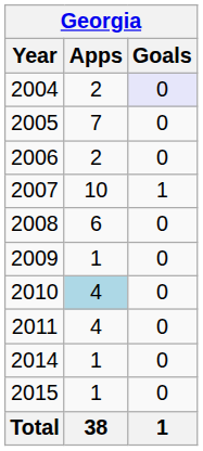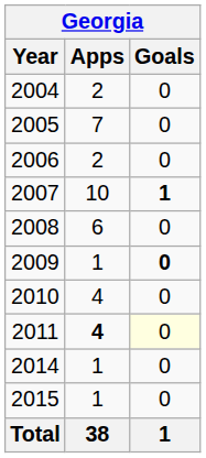 <table class="wikitable" style="text-align:center">
 <tr>
 <th colspan=3><a href='#'>Georgia</a></th>
 </tr>
 <tr>
 <th>Year</th>
 <th>Apps</th>
 <th>Goals</th>
 </tr>
 <tr>
 <td>2004</td>
 <td>2</td>
-<td style="background: lavender;">0</td>
+<td>0</td>
 </tr>
 <tr>
 <td>2005</td>
 <td>7</td>
 <td>0</td>
 </tr>
 <tr>
 <td>2006</td>
 <td>2</td>
 <td>0</td>
 </tr>
 <tr>
 <td>2007</td>
 <td>10</td>
-<td>1</td>
+<td><strong>1</strong></td>
 </tr>
 <tr>
 <td>2008</td>
 <td>6</td>
 <td>0</td>
 </tr>
 <tr>
 <td>2009</td>
 <td>1</td>
-<td>0</td>
+<td><strong>0</strong></td>
 </tr>
 <tr>
 <td>2010</td>
-<td style="background: lightblue;">4</td>
+<td>4</td>
 <td>0</td>
 </tr>
 <tr>
 <td>2011</td>
-<td>4</td>
-<td>0</td>
+<td><strong>4</strong></td>
+<td style="background: lightyellow;">0</td>
 </tr>
 <tr>
 <td>2014</td>
 <td>1</td>
 <td>0</td>
 </tr>
 <tr>
 <td>2015</td>
 <td>1</td>
 <td>0</td>
 </tr>
 <tr>
 <th>Total</th>
 <th>38</th>
 <th>1</th>
 </tr>
 </table>
